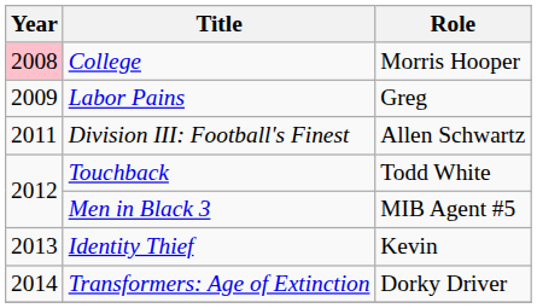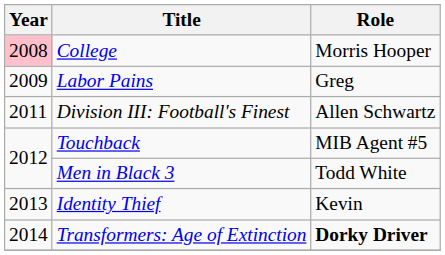 <table class="wikitable">
 <tr>
 <th>Year</th>
 <th>Title</th>
 <th>Role</th>
 </tr>
 <tr>
 <td style="background: pink;">2008</td>
 <td><em><a href='#'>College</a></em></td>
 <td>Morris Hooper</td>
 </tr>
 <tr>
 <td>2009</td>
 <td><em><a href='#'>Labor Pains</a></em></td>
 <td>Greg</td>
 </tr>
 <tr>
 <td>2011</td>
 <td><em>Division III: Football's Finest</em></td>
 <td>Allen Schwartz</td>
 </tr>
 <tr>
 <td rowspan="2">2012</td>
 <td><em><a href='#'>Touchback</a></em></td>
-<td>Todd White</td>
+<td>MIB Agent #5</td>
 </tr>
 <tr>
 <td><em><a href='#'>Men in Black 3</a></em></td>
-<td>MIB Agent #5</td>
+<td>Todd White</td>
 </tr>
 <tr>
 <td>2013</td>
 <td><em><a href='#'>Identity Thief</a></em></td>
 <td>Kevin</td>
 </tr>
 <tr>
 <td>2014</td>
 <td><em><a href='#'>Transformers: Age of Extinction</a></em></td>
-<td>Dorky Driver</td>
+<td><strong>Dorky Driver</strong></td>
 </tr>
 <tr>
 </tr>
 </table>
